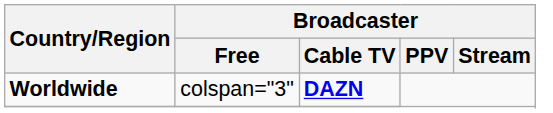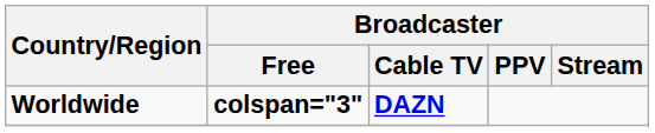 <table class="wikitable">
 <tr>
 <th rowspan="2">Country/Region</th>
 <th colspan="4">Broadcaster</th>
 </tr>
 <tr>
 <th>Free</th>
 <th>Cable TV</th>
 <th>PPV</th>
 <th>Stream</th>
 </tr>
 <tr>
 <td><strong>Worldwide</strong></td>
-<td>colspan="3" </td>
+<td><strong>colspan="3" </strong></td>
 <td><strong><a href='#'>DAZN</a></strong></td>
 </tr>
 <tr>
 </tr>
 </table>
